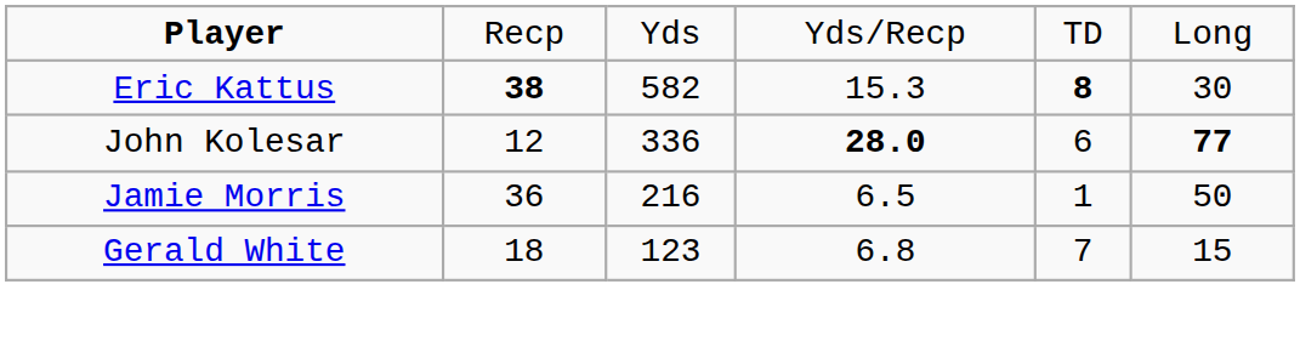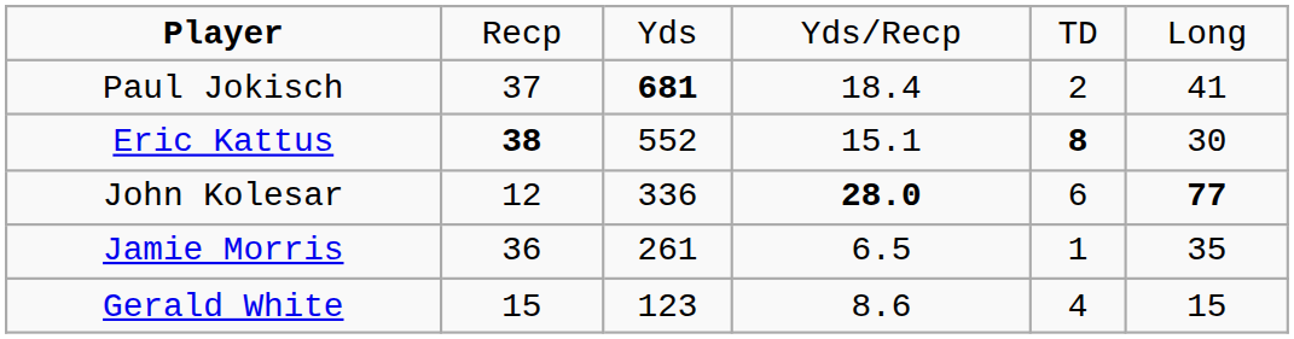 <table class="wikitable" width="80%">
 <tr align="center">
 <td><strong>Player</strong></td>
 <td>Recp</td>
 <td>Yds</td>
 <td>Yds/Recp</td>
 <td>TD</td>
 <td>Long</td>
 </tr>
 <tr align="center" bgcolor="">
+<td>Paul Jokisch</td>
+<td>37</td>
+<td><strong>681</strong></td>
+<td>18.4</td>
+<td>2</td>
+<td>41</td>
+</tr>
+<tr align="center" bgcolor="">
 <td><a href='#'>Eric Kattus</a></td>
 <td><strong>38</strong></td>
-<td>582</td>
-<td>15.3</td>
+<td>552</td>
+<td>15.1</td>
 <td><strong>8</strong></td>
 <td>30</td>
 </tr>
 <tr align="center" bgcolor="">
 <td>John Kolesar</td>
 <td>12</td>
 <td>336</td>
 <td><strong>28.0</strong></td>
 <td>6</td>
 <td><strong>77</strong></td>
 </tr>
 <tr align="center" bgcolor="">
 <td><a href='#'>Jamie Morris</a></td>
 <td>36</td>
-<td>216</td>
+<td>261</td>
 <td>6.5</td>
 <td>1</td>
-<td>50</td>
+<td>35</td>
 </tr>
 <tr align="center" bgcolor="">
 <td><a href='#'>Gerald White</a></td>
-<td>18</td>
+<td>15</td>
 <td>123</td>
-<td>6.8</td>
-<td>7</td>
+<td>8.6</td>
+<td>4</td>
 <td>15</td>
 </tr>
 </table>
